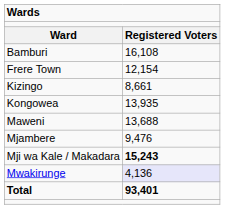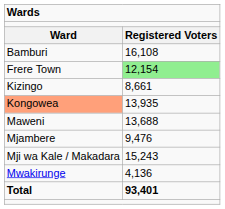 <table class="wikitable">
 <tr>
 <td colspan="2"><strong>Wards</strong></td>
 </tr>
 <tr>
 <td colspan="2"></td>
 </tr>
 <tr>
 <th>Ward</th>
 <th>Registered Voters</th>
 </tr>
 <tr>
 <td>Bamburi</td>
 <td>16,108</td>
 </tr>
 <tr>
 <td>Frere Town</td>
-<td>12,154</td>
+<td style="background: lightgreen;">12,154</td>
 </tr>
 <tr>
 <td>Kizingo</td>
 <td>8,661</td>
 </tr>
 <tr>
-<td>Kongowea</td>
+<td style="background: lightsalmon;">Kongowea</td>
 <td>13,935</td>
 </tr>
 <tr>
 <td>Maweni</td>
 <td>13,688</td>
 </tr>
 <tr>
 <td>Mjambere</td>
 <td>9,476</td>
 </tr>
 <tr>
 <td>Mji wa Kale / Makadara</td>
-<td><strong>15,243</strong></td>
+<td>15,243</td>
 </tr>
 <tr>
 <td><a href='#'>Mwakirunge</a></td>
-<td style="background: lavender;">4,136</td>
+<td>4,136</td>
 </tr>
 <tr>
 <td><strong>Total</strong></td>
 <td><strong>93,401</strong></td>
 </tr>
 <tr>
 <td colspan="2"></td>
 </tr>
 </table>
